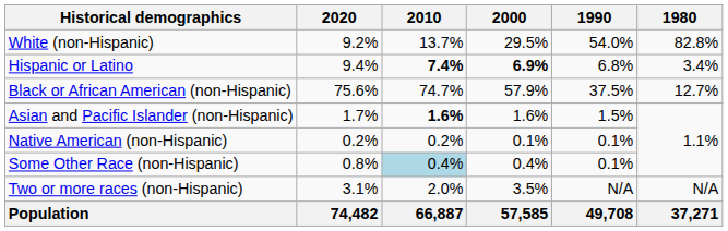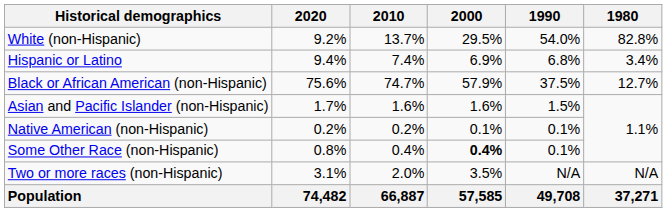 <table class="wikitable" style="font-size: 90%; text-align: right;">
 <tr>
 <th>Historical demographics</th>
 <th style="width: 5em;">2020</th>
 <th style="width: 5em;">2010</th>
 <th style="width: 5em;">2000</th>
 <th style="width: 5em;">1990</th>
 <th style="width: 5em;">1980</th>
 </tr>
 <tr>
 <td style="text-align:left"><a href='#'>White</a> (non-Hispanic)</td>
 <td>9.2%</td>
 <td>13.7%</td>
 <td>29.5%</td>
 <td>54.0%</td>
 <td>82.8%</td>
 </tr>
 <tr>
 <td style="text-align:left"><a href='#'>Hispanic or Latino</a></td>
 <td>9.4%</td>
-<td><strong>7.4%</strong></td>
-<td><strong>6.9%</strong></td>
+<td>7.4%</td>
+<td>6.9%</td>
 <td>6.8%</td>
 <td>3.4%</td>
 </tr>
 <tr>
 <td style="text-align:left"><a href='#'>Black or African American</a> (non-Hispanic)</td>
 <td>75.6%</td>
 <td>74.7%</td>
 <td>57.9%</td>
 <td>37.5%</td>
 <td>12.7%</td>
 </tr>
 <tr>
 <td style="text-align:left"><a href='#'>Asian</a> and <a href='#'>Pacific Islander</a> (non-Hispanic)</td>
 <td>1.7%</td>
-<td><strong>1.6%</strong></td>
+<td>1.6%</td>
 <td>1.6%</td>
 <td>1.5%</td>
 <td rowspan="3">1.1%</td>
 </tr>
 <tr>
 <td style="text-align:left"><a href='#'>Native American</a> (non-Hispanic)</td>
 <td>0.2%</td>
 <td>0.2%</td>
 <td>0.1%</td>
 <td>0.1%</td>
 </tr>
 <tr>
 <td style="text-align:left"><a href='#'>Some Other Race</a> (non-Hispanic)</td>
 <td>0.8%</td>
-<td style="background: lightblue;">0.4%</td>
 <td>0.4%</td>
+<td><strong>0.4%</strong></td>
 <td>0.1%</td>
 </tr>
 <tr>
 <td style="text-align:left"><a href='#'>Two or more races</a> (non-Hispanic)</td>
 <td>3.1%</td>
 <td>2.0%</td>
 <td>3.5%</td>
 <td>N/A</td>
 <td>N/A</td>
 </tr>
 <tr>
 <th style="text-align:left">Population</th>
 <th style="text-align:right">74,482</th>
 <th style="text-align:right">66,887</th>
 <th style="text-align:right">57,585</th>
 <th style="text-align:right">49,708</th>
 <th style="text-align:right">37,271</th>
 </tr>
 </table>
